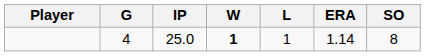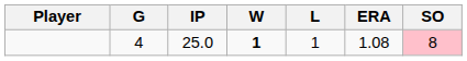 <table class="wikitable sortable">
 <tr>
 <th bgcolor="#DDDDFF" width="16%">Player</th>
 <th bgcolor="#DDDDFF" width="9%">G</th>
 <th bgcolor="#DDDDFF" width="9%">IP</th>
 <th bgcolor="#DDDDFF" width="9%">W</th>
 <th bgcolor="#DDDDFF" width="9%">L</th>
 <th bgcolor="#DDDDFF" width="9%">ERA</th>
 <th bgcolor="#DDDDFF" width="9%">SO</th>
 </tr>
 <tr align="center">
 <td></td>
 <td>4</td>
 <td>25.0</td>
 <td><strong>1</strong></td>
 <td>1</td>
-<td>1.14</td>
-<td>8</td>
+<td>1.08</td>
+<td style="background: pink;">8</td>
 </tr>
 </table>
